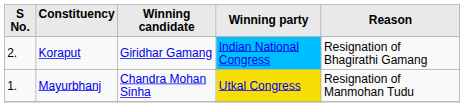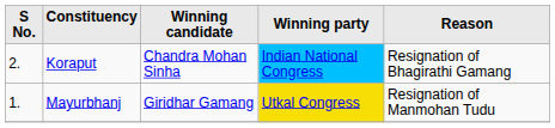 <table class="wikitable sortable">
 <tr>
 <th style="background-color:#E9E9E9" align=left valign=top>S No.</th>
 <th style="background-color:#E9E9E9" align=left valign=top>Constituency</th>
 <th style="background-color:#E9E9E9" align=left valign=top>Winning candidate</th>
 <th style="background-color:#E9E9E9" align=right>Winning party</th>
 <th style="background-color:#E9E9E9" align=right>Reason</th>
 </tr>
 <tr>
 <td>2.</td>
 <td><a href='#'>Koraput</a></td>
-<td><a href='#'>Giridhar Gamang</a></td>
+<td><a href='#'>Chandra Mohan Sinha</a></td>
 <td bgcolor=#00BFFF><a href='#'>Indian National Congress</a></td>
 <td>Resignation of Bhagirathi Gamang</td>
 </tr>
 <tr>
 <td>1.</td>
 <td><a href='#'>Mayurbhanj</a></td>
-<td><a href='#'>Chandra Mohan Sinha</a></td>
+<td><a href='#'>Giridhar Gamang</a></td>
 <td bgcolor=#F7DF05><a href='#'>Utkal Congress</a></td>
 <td>Resignation of Manmohan Tudu</td>
 </tr>
 <tr>
 </tr>
 </table>
